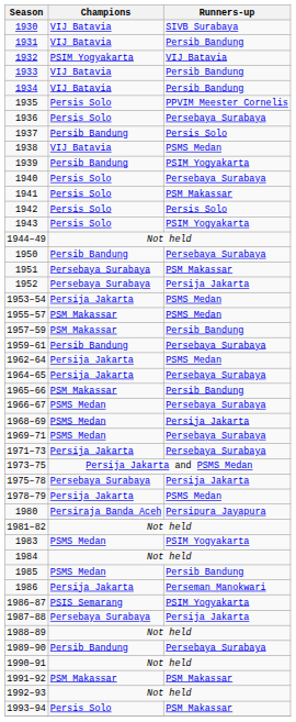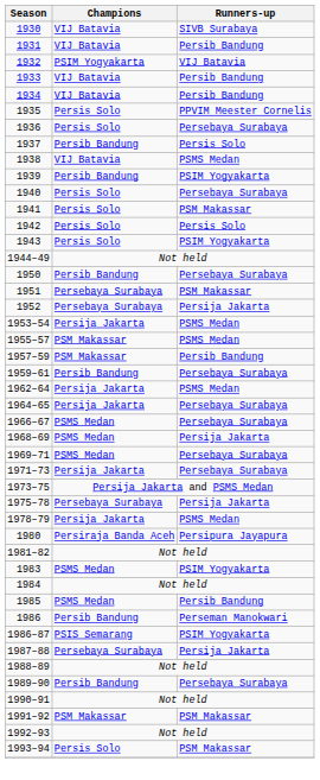 <table class="wikitable sortable">
 <tr>
 <th scope=col>Season</th>
 <th scope=col>Champions</th>
 <th scope=col>Runners-up</th>
 </tr>
 <tr>
 <td align=center><a href='#'>1930</a></td>
 <td><a href='#'>VIJ Batavia</a></td>
 <td><a href='#'>SIVB Surabaya</a></td>
 </tr>
 <tr>
 <td align=center><a href='#'>1931</a></td>
 <td><a href='#'>VIJ Batavia</a></td>
 <td><a href='#'>Persib Bandung</a></td>
 </tr>
 <tr>
 <td align=center><a href='#'>1932</a></td>
 <td><a href='#'>PSIM Yogyakarta</a></td>
 <td><a href='#'>VIJ Batavia</a></td>
 </tr>
 <tr>
 <td align=center><a href='#'>1933</a></td>
 <td><a href='#'>VIJ Batavia</a></td>
 <td><a href='#'>Persib Bandung</a></td>
 </tr>
 <tr>
 <td align=center><a href='#'>1934</a></td>
 <td><a href='#'>VIJ Batavia</a></td>
 <td><a href='#'>Persib Bandung</a></td>
 </tr>
 <tr>
 <td align=center>1935</td>
 <td><a href='#'>Persis Solo</a></td>
 <td><a href='#'>PPVIM Meester Cornelis</a></td>
 </tr>
 <tr>
 <td align=center>1936</td>
 <td><a href='#'>Persis Solo</a></td>
 <td><a href='#'>Persebaya Surabaya</a></td>
 </tr>
 <tr>
 <td align=center>1937</td>
 <td><a href='#'>Persib Bandung</a></td>
 <td><a href='#'>Persis Solo</a></td>
 </tr>
 <tr>
 <td align=center>1938</td>
 <td><a href='#'>VIJ Batavia</a></td>
 <td><a href='#'>PSMS Medan</a></td>
 </tr>
 <tr>
 <td align=center>1939</td>
 <td><a href='#'>Persib Bandung</a></td>
 <td><a href='#'>PSIM Yogyakarta</a></td>
 </tr>
 <tr>
 <td align=center>1940</td>
 <td><a href='#'>Persis Solo</a></td>
 <td><a href='#'>Persebaya Surabaya</a></td>
 </tr>
 <tr>
 <td align=center>1941</td>
 <td><a href='#'>Persis Solo</a></td>
 <td><a href='#'>PSM Makassar</a></td>
 </tr>
 <tr>
 <td align=center>1942</td>
 <td><a href='#'>Persis Solo</a></td>
 <td><a href='#'>Persis Solo</a></td>
 </tr>
 <tr>
 <td align=center>1943</td>
 <td><a href='#'>Persis Solo</a></td>
 <td><a href='#'>PSIM Yogyakarta</a></td>
 </tr>
 <tr>
 <td align=center>1944–49</td>
 <td colspan="2" style="text-align:center"><em>Not held</em></td>
 </tr>
 <tr>
 <td align=center>1950</td>
 <td><a href='#'>Persib Bandung</a></td>
 <td><a href='#'>Persebaya Surabaya</a></td>
 </tr>
 <tr>
 <td align=center>1951</td>
 <td><a href='#'>Persebaya Surabaya</a></td>
 <td><a href='#'>PSM Makassar</a></td>
 </tr>
 <tr>
 <td align=center>1952</td>
 <td><a href='#'>Persebaya Surabaya</a></td>
 <td><a href='#'>Persija Jakarta</a></td>
 </tr>
 <tr>
 <td align=center>1953–54</td>
 <td><a href='#'>Persija Jakarta</a></td>
 <td><a href='#'>PSMS Medan</a></td>
 </tr>
 <tr>
 <td align=center>1955–57</td>
 <td><a href='#'>PSM Makassar</a></td>
 <td><a href='#'>PSMS Medan</a></td>
 </tr>
 <tr>
 <td align=center>1957–59</td>
 <td><a href='#'>PSM Makassar</a></td>
 <td><a href='#'>Persib Bandung</a></td>
 </tr>
 <tr>
 <td align=center>1959–61</td>
 <td><a href='#'>Persib Bandung</a></td>
 <td><a href='#'>Persebaya Surabaya</a></td>
 </tr>
 <tr>
 <td align=center>1962–64</td>
 <td><a href='#'>Persija Jakarta</a></td>
 <td><a href='#'>PSMS Medan</a></td>
 </tr>
 <tr>
 <td align=center>1964–65</td>
 <td><a href='#'>Persija Jakarta</a></td>
 <td><a href='#'>Persebaya Surabaya</a></td>
 </tr>
 <tr>
-<td align=center>1965–66</td>
-<td><a href='#'>PSM Makassar</a></td>
-<td><a href='#'>Persib Bandung</a></td>
-</tr>
-<tr>
 <td align=center>1966–67</td>
 <td><a href='#'>PSMS Medan</a></td>
 <td><a href='#'>Persebaya Surabaya</a></td>
 </tr>
 <tr>
 <td align=center>1968–69</td>
 <td><a href='#'>PSMS Medan</a></td>
 <td><a href='#'>Persija Jakarta</a></td>
 </tr>
 <tr>
 <td align=center>1969–71</td>
 <td><a href='#'>PSMS Medan</a></td>
 <td><a href='#'>Persebaya Surabaya</a></td>
 </tr>
 <tr>
 <td align=center>1971–73</td>
 <td><a href='#'>Persija Jakarta</a></td>
 <td><a href='#'>Persebaya Surabaya</a></td>
 </tr>
 <tr>
 <td align=center>1973–75</td>
 <td colspan="2" style="text-align:center"><a href='#'>Persija Jakarta</a> and <a href='#'>PSMS Medan</a></td>
 </tr>
 <tr>
 <td align=center>1975–78</td>
 <td><a href='#'>Persebaya Surabaya</a></td>
 <td><a href='#'>Persija Jakarta</a></td>
 </tr>
 <tr>
 <td align=center>1978–79</td>
 <td><a href='#'>Persija Jakarta</a></td>
 <td><a href='#'>PSMS Medan</a></td>
 </tr>
 <tr>
 <td align=center>1980</td>
 <td><a href='#'>Persiraja Banda Aceh</a></td>
 <td><a href='#'>Persipura Jayapura</a></td>
 </tr>
 <tr>
 <td align=center>1981–82</td>
 <td colspan="2" style="text-align:center"><em>Not held</em></td>
 </tr>
 <tr>
 <td align=center>1983</td>
 <td><a href='#'>PSMS Medan</a></td>
 <td><a href='#'>PSIM Yogyakarta</a></td>
 </tr>
 <tr>
 <td align=center>1984</td>
 <td colspan="2" style="text-align:center"><em>Not held</em></td>
 </tr>
 <tr>
 <td align=center>1985</td>
 <td><a href='#'>PSMS Medan</a></td>
 <td><a href='#'>Persib Bandung</a></td>
 </tr>
 <tr>
 <td align=center>1986</td>
-<td><a href='#'>Persija Jakarta</a></td>
+<td><a href='#'>Persib Bandung</a></td>
 <td><a href='#'>Perseman Manokwari</a></td>
 </tr>
 <tr>
 <td align=center>1986–87</td>
 <td><a href='#'>PSIS Semarang</a></td>
 <td><a href='#'>PSIM Yogyakarta</a></td>
 </tr>
 <tr>
 <td align=center>1987–88</td>
 <td><a href='#'>Persebaya Surabaya</a></td>
 <td><a href='#'>Persija Jakarta</a></td>
 </tr>
 <tr>
 <td align=center>1988–89</td>
 <td colspan="2" style="text-align:center"><em>Not held</em></td>
 </tr>
 <tr>
 <td align=center>1989–90</td>
 <td><a href='#'>Persib Bandung</a></td>
 <td><a href='#'>Persebaya Surabaya</a></td>
 </tr>
 <tr>
 <td align=center>1990–91</td>
 <td colspan="2" style="text-align:center"><em>Not held</em></td>
 </tr>
 <tr>
 <td align=center>1991–92</td>
 <td><a href='#'>PSM Makassar</a></td>
 <td><a href='#'>PSM Makassar</a></td>
 </tr>
 <tr>
 <td align=center>1992–93</td>
 <td colspan="2" style="text-align:center"><em>Not held</em></td>
 </tr>
 <tr>
 <td align=center>1993–94</td>
 <td><a href='#'>Persis Solo</a></td>
 <td><a href='#'>PSM Makassar</a></td>
 </tr>
 <tr>
 </tr>
 </table>
